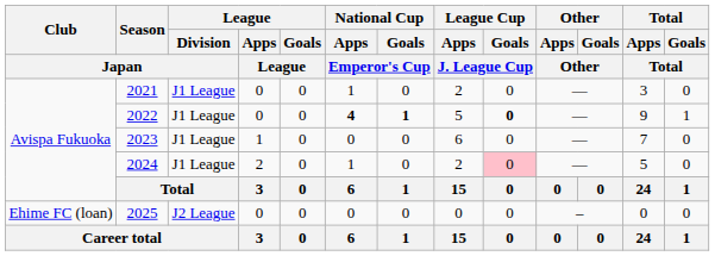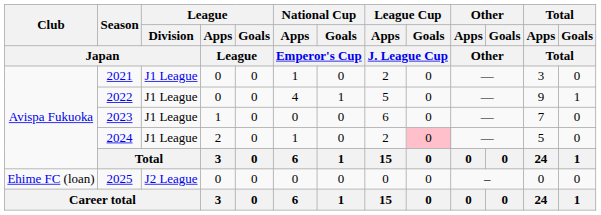 <table class="wikitable" style="text-align: center">
 <tr>
 <th rowspan="2">Club</th>
 <th rowspan="2">Season</th>
 <th colspan="3">League</th>
 <th colspan="2">National Cup</th>
 <th colspan="2">League Cup</th>
 <th colspan="2">Other</th>
 <th colspan="2">Total</th>
 </tr>
 <tr>
 <th>Division</th>
 <th>Apps</th>
 <th>Goals</th>
 <th>Apps</th>
 <th>Goals</th>
 <th>Apps</th>
 <th>Goals</th>
 <th>Apps</th>
 <th>Goals</th>
 <th>Apps</th>
 <th>Goals</th>
 </tr>
 <tr>
 <th colspan=3>Japan</th>
 <th colspan=2>League</th>
 <th colspan=2><a href='#'>Emperor's Cup</a></th>
 <th colspan=2><a href='#'>J. League Cup</a></th>
 <th colspan=2>Other</th>
 <th colspan=2>Total</th>
 </tr>
 <tr>
 <td rowspan="5"><a href='#'>Avispa Fukuoka</a></td>
 <td><a href='#'>2021</a></td>
 <td><a href='#'>J1 League</a></td>
 <td>0</td>
 <td>0</td>
 <td>1</td>
 <td>0</td>
 <td>2</td>
 <td>0</td>
 <td colspan="2">—</td>
 <td>3</td>
 <td>0</td>
 </tr>
 <tr>
 <td><a href='#'>2022</a></td>
 <td>J1 League</td>
 <td>0</td>
 <td>0</td>
-<td><strong>4</strong></td>
-<td><strong>1</strong></td>
+<td>4</td>
+<td>1</td>
 <td>5</td>
-<td><strong>0</strong></td>
+<td>0</td>
 <td colspan="2">—</td>
 <td>9</td>
 <td>1</td>
 </tr>
 <tr>
 <td><a href='#'>2023</a></td>
 <td>J1 League</td>
 <td>1</td>
 <td>0</td>
 <td>0</td>
 <td>0</td>
 <td>6</td>
 <td>0</td>
 <td colspan="2">—</td>
 <td>7</td>
 <td>0</td>
 </tr>
 <tr>
 <td><a href='#'>2024</a></td>
 <td>J1 League</td>
 <td>2</td>
 <td>0</td>
 <td>1</td>
 <td>0</td>
 <td>2</td>
 <td style="background: pink;">0</td>
 <td colspan="2">—</td>
 <td>5</td>
 <td>0</td>
 </tr>
 <tr>
 <th colspan=2>Total</th>
 <th>3</th>
 <th>0</th>
 <th>6</th>
 <th>1</th>
 <th>15</th>
 <th>0</th>
 <th>0</th>
 <th>0</th>
 <th>24</th>
 <th>1</th>
 </tr>
 <tr>
 <td><a href='#'>Ehime FC</a> (loan)</td>
 <td><a href='#'>2025</a></td>
 <td><a href='#'>J2 League</a></td>
 <td>0</td>
 <td>0</td>
 <td>0</td>
 <td>0</td>
 <td>0</td>
 <td>0</td>
 <td colspan="2">–</td>
 <td>0</td>
 <td>0</td>
 </tr>
 <tr>
 <th colspan=3>Career total</th>
 <th>3</th>
 <th>0</th>
 <th>6</th>
 <th>1</th>
 <th>15</th>
 <th>0</th>
 <th>0</th>
 <th>0</th>
 <th>24</th>
 <th>1</th>
 </tr>
 </table>
